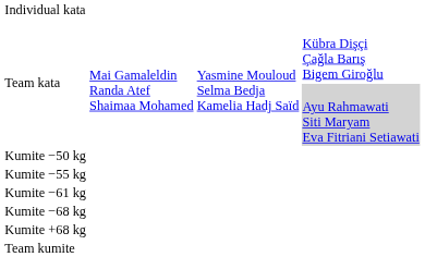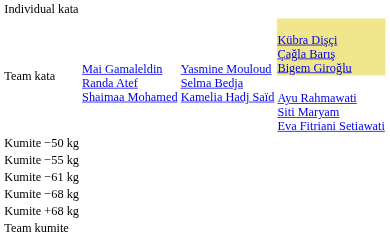 <table>
 <tr>
 <td rowspan=2>Individual kata</td>
 <td rowspan=2></td>
 <td rowspan=2></td>
 <td></td>
 </tr>
 <tr>
 <td></td>
 </tr>
 <tr>
 <td rowspan=2>Team kata</td>
 <td rowspan=2><br><a href='#'>Mai Gamaleldin</a><br><a href='#'>Randa Atef</a><br><a href='#'>Shaimaa Mohamed</a></td>
 <td rowspan=2><br><a href='#'>Yasmine Mouloud</a><br><a href='#'>Selma Bedja</a><br><a href='#'>Kamelia Hadj Saïd</a></td>
-<td><br><a href='#'>Kübra Dişçi</a><br><a href='#'>Çağla Barış</a><br><a href='#'>Bigem Giroğlu</a></td>
+<td style="background: khaki;"><br><a href='#'>Kübra Dişçi</a><br><a href='#'>Çağla Barış</a><br><a href='#'>Bigem Giroğlu</a></td>
 </tr>
 <tr>
-<td style="background: lightgrey;"><br><a href='#'>Ayu Rahmawati</a><br><a href='#'>Siti Maryam</a><br><a href='#'>Eva Fitriani Setiawati</a></td>
+<td><br><a href='#'>Ayu Rahmawati</a><br><a href='#'>Siti Maryam</a><br><a href='#'>Eva Fitriani Setiawati</a></td>
 </tr>
 <tr>
 <td rowspan=2>Kumite −50 kg</td>
 <td rowspan=2></td>
 <td rowspan=2></td>
 <td></td>
 </tr>
 <tr>
 <td></td>
 </tr>
 <tr>
 <td rowspan=2>Kumite −55 kg</td>
 <td rowspan=2></td>
 <td rowspan=2></td>
 <td></td>
 </tr>
 <tr>
 <td></td>
 </tr>
 <tr>
 <td rowspan=2>Kumite −61 kg</td>
 <td rowspan=2></td>
 <td rowspan=2></td>
 <td></td>
 </tr>
 <tr>
 <td></td>
 </tr>
 <tr>
 <td rowspan=2>Kumite −68 kg</td>
 <td rowspan=2></td>
 <td rowspan=2></td>
 <td></td>
 </tr>
 <tr>
 <td></td>
 </tr>
 <tr>
 <td rowspan=2>Kumite +68 kg</td>
 <td rowspan=2></td>
 <td rowspan=2></td>
 <td></td>
 </tr>
 <tr>
 <td></td>
 </tr>
 <tr>
 <td rowspan=2>Team kumite</td>
 <td rowspan=2></td>
 <td rowspan=2></td>
 <td></td>
 </tr>
 <tr>
 <td></td>
 </tr>
 </table>
